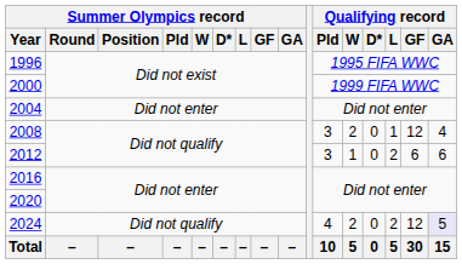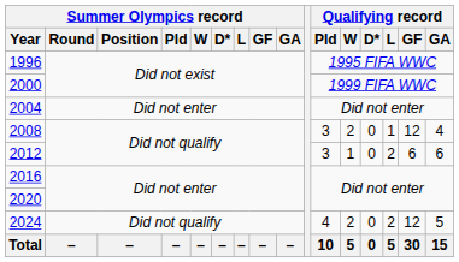 <table class="wikitable" style="text-align: center;">
 <tr>
 <th colspan=9><a href='#'>Summer Olympics</a> record</th>
 <th rowspan=12></th>
 <th colspan=6><a href='#'>Qualifying</a> record</th>
 </tr>
 <tr>
 <th>Year</th>
 <th>Round</th>
 <th>Position</th>
 <th>Pld</th>
 <th>W</th>
 <th>D*</th>
 <th>L</th>
 <th>GF</th>
 <th>GA</th>
 <th>Pld</th>
 <th>W</th>
 <th>D*</th>
 <th>L</th>
 <th>GF</th>
 <th>GA</th>
 </tr>
 <tr>
 <td> <a href='#'>1996</a></td>
 <td colspan=8 rowspan=2><em>Did not exist</em></td>
 <td colspan=6><em><a href='#'>1995 FIFA WWC</a></em></td>
 </tr>
 <tr>
 <td> <a href='#'>2000</a></td>
 <td colspan=6><em><a href='#'>1999 FIFA WWC</a></em></td>
 </tr>
 <tr>
 <td> <a href='#'>2004</a></td>
 <td colspan=8><em>Did not enter</em></td>
 <td colspan=6><em>Did not enter</em></td>
 </tr>
 <tr>
 <td> <a href='#'>2008</a></td>
 <td colspan=8 rowspan=2><em>Did not qualify</em></td>
 <td>3</td>
 <td>2</td>
 <td>0</td>
 <td>1</td>
 <td>12</td>
 <td>4</td>
 </tr>
 <tr>
 <td> <a href='#'>2012</a></td>
 <td>3</td>
 <td>1</td>
 <td>0</td>
 <td>2</td>
 <td>6</td>
 <td>6</td>
 </tr>
 <tr>
 <td> <a href='#'>2016</a></td>
 <td colspan=8 rowspan=2><em>Did not enter</em></td>
 <td colspan=6 rowspan=2><em>Did not enter</em></td>
 </tr>
 <tr>
 <td> <a href='#'>2020</a></td>
 </tr>
 <tr>
 <td> <a href='#'>2024</a></td>
 <td colspan=8><em>Did not qualify</em></td>
 <td>4</td>
 <td>2</td>
 <td>0</td>
 <td>2</td>
 <td>12</td>
-<td style="background: lavender;">5</td>
+<td>5</td>
 </tr>
 <tr>
 <th>Total</th>
 <th>–</th>
 <th>–</th>
 <th>–</th>
 <th>–</th>
 <th>–</th>
 <th>–</th>
 <th>–</th>
 <th>–</th>
 <th>10</th>
 <th>5</th>
 <th>0</th>
 <th>5</th>
 <th>30</th>
 <th>15</th>
 </tr>
 </table>
